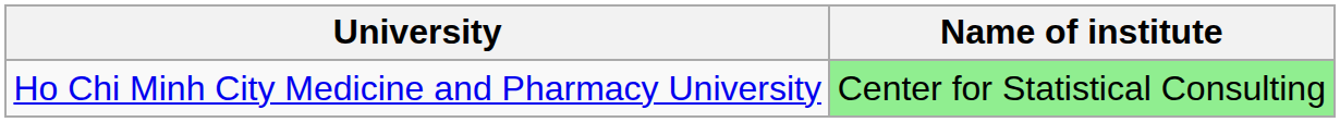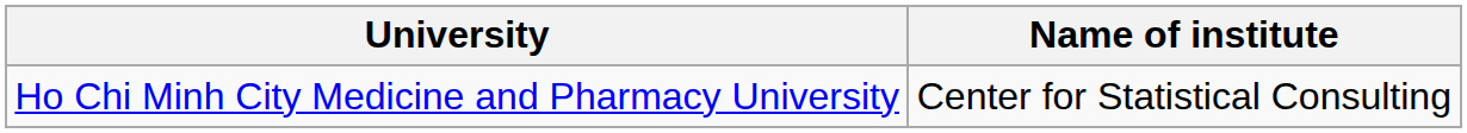 <table class="wikitable">
 <tr>
 <th>University</th>
 <th>Name of institute</th>
 </tr>
 <tr>
 <td><a href='#'>Ho Chi Minh City Medicine and Pharmacy University</a></td>
-<td style="background: lightgreen;">Center for Statistical Consulting </td>
+<td>Center for Statistical Consulting </td>
 </tr>
 </table>
